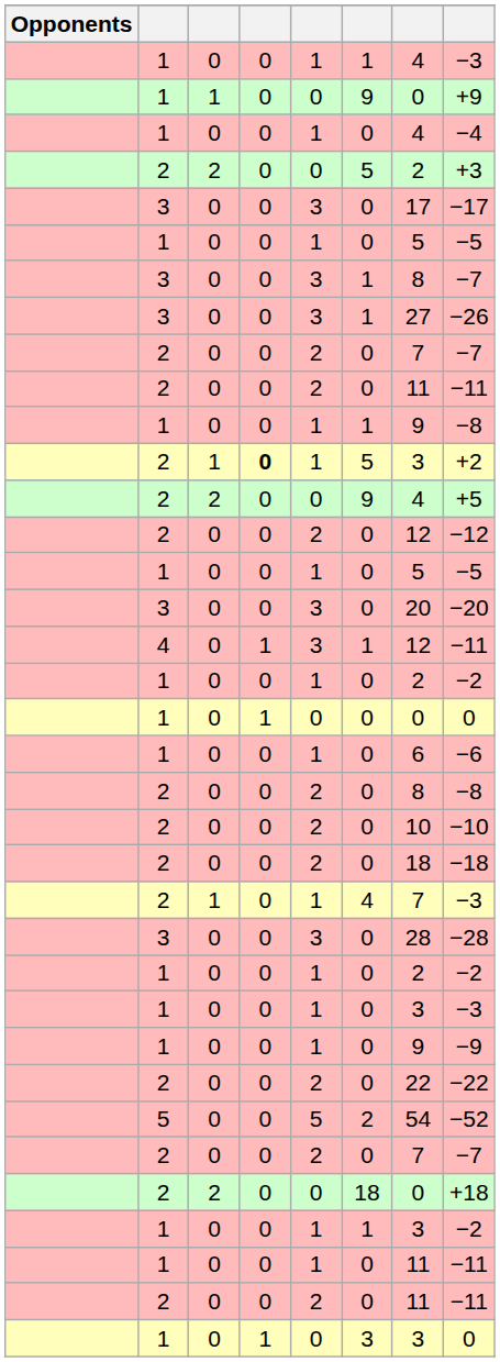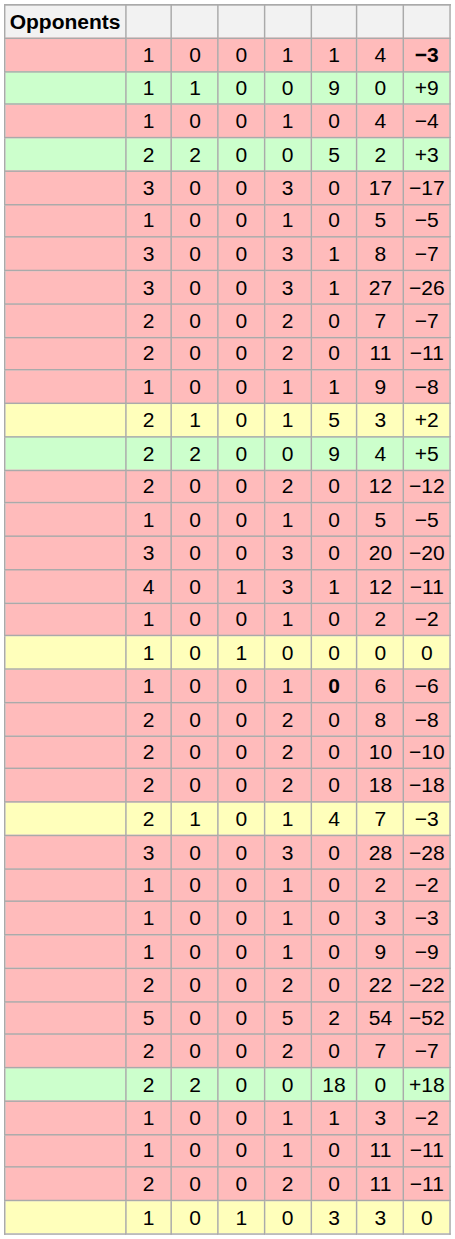 <table class="wikitable sortable collapsed" style="text-align: center; font-size: 90%;">
 <tr>
 </tr>
 <tr>
 <th>Opponents</th>
 <th width=25></th>
 <th width=25></th>
 <th width=25></th>
 <th width=25></th>
 <th width=25></th>
 <th width=25></th>
 <th width=25></th>
 </tr>
 <tr bgcolor="#FFBBBB">
 <td align="left"></td>
 <td>1</td>
 <td>0</td>
 <td>0</td>
 <td>1</td>
 <td>1</td>
 <td>4</td>
-<td>−3</td>
+<td><strong>−3</strong></td>
 </tr>
 <tr bgcolor="#CCFFCC">
 <td align="left"></td>
 <td>1</td>
 <td>1</td>
 <td>0</td>
 <td>0</td>
 <td>9</td>
 <td>0</td>
 <td>+9</td>
 </tr>
 <tr bgcolor="#FFBBBB">
 <td align="left"></td>
 <td>1</td>
 <td>0</td>
 <td>0</td>
 <td>1</td>
 <td>0</td>
 <td>4</td>
 <td>−4</td>
 </tr>
 <tr bgcolor="#CCFFCC">
 <td align="left"></td>
 <td>2</td>
 <td>2</td>
 <td>0</td>
 <td>0</td>
 <td>5</td>
 <td>2</td>
 <td>+3</td>
 </tr>
 <tr bgcolor="#FFBBBB">
 <td align="left"></td>
 <td>3</td>
 <td>0</td>
 <td>0</td>
 <td>3</td>
 <td>0</td>
 <td>17</td>
 <td>−17</td>
 </tr>
 <tr bgcolor="#FFBBBB">
 <td align="left"></td>
 <td>1</td>
 <td>0</td>
 <td>0</td>
 <td>1</td>
 <td>0</td>
 <td>5</td>
 <td>−5</td>
 </tr>
 <tr bgcolor="#FFBBBB">
 <td align="left"></td>
 <td>3</td>
 <td>0</td>
 <td>0</td>
 <td>3</td>
 <td>1</td>
 <td>8</td>
 <td>−7</td>
 </tr>
 <tr bgcolor="#FFBBBB">
 <td align="left"></td>
 <td>3</td>
 <td>0</td>
 <td>0</td>
 <td>3</td>
 <td>1</td>
 <td>27</td>
 <td>−26</td>
 </tr>
 <tr bgcolor="#FFBBBB">
 <td align="left"></td>
 <td>2</td>
 <td>0</td>
 <td>0</td>
 <td>2</td>
 <td>0</td>
 <td>7</td>
 <td>−7</td>
 </tr>
 <tr bgcolor="#FFBBBB">
 <td align="left"></td>
 <td>2</td>
 <td>0</td>
 <td>0</td>
 <td>2</td>
 <td>0</td>
 <td>11</td>
 <td>−11</td>
 </tr>
 <tr bgcolor="#FFBBBB">
 <td align="left"></td>
 <td>1</td>
 <td>0</td>
 <td>0</td>
 <td>1</td>
 <td>1</td>
 <td>9</td>
 <td>−8</td>
 </tr>
 <tr bgcolor="#FFFFBB">
 <td align="left"></td>
 <td>2</td>
 <td>1</td>
-<td><strong>0</strong></td>
+<td>0</td>
 <td>1</td>
 <td>5</td>
 <td>3</td>
 <td>+2</td>
 </tr>
 <tr bgcolor="#CCFFCC">
 <td align="left"></td>
 <td>2</td>
 <td>2</td>
 <td>0</td>
 <td>0</td>
 <td>9</td>
 <td>4</td>
 <td>+5</td>
 </tr>
 <tr bgcolor="#FFBBBB">
 <td align="left"></td>
 <td>2</td>
 <td>0</td>
 <td>0</td>
 <td>2</td>
 <td>0</td>
 <td>12</td>
 <td>−12</td>
 </tr>
 <tr bgcolor="#FFBBBB">
 <td align="left"></td>
 <td>1</td>
 <td>0</td>
 <td>0</td>
 <td>1</td>
 <td>0</td>
 <td>5</td>
 <td>−5</td>
 </tr>
 <tr bgcolor="#FFBBBB">
 <td align="left"></td>
 <td>3</td>
 <td>0</td>
 <td>0</td>
 <td>3</td>
 <td>0</td>
 <td>20</td>
 <td>−20</td>
 </tr>
 <tr bgcolor="#FFBBBB">
 <td align="left"></td>
 <td>4</td>
 <td>0</td>
 <td>1</td>
 <td>3</td>
 <td>1</td>
 <td>12</td>
 <td>−11</td>
 </tr>
 <tr bgcolor="#FFBBBB">
 <td align="left"></td>
 <td>1</td>
 <td>0</td>
 <td>0</td>
 <td>1</td>
 <td>0</td>
 <td>2</td>
 <td>−2</td>
 </tr>
 <tr bgcolor="#FFFFBB">
 <td align="left"></td>
 <td>1</td>
 <td>0</td>
 <td>1</td>
 <td>0</td>
 <td>0</td>
 <td>0</td>
 <td>0</td>
 </tr>
 <tr bgcolor="#FFBBBB">
 <td align="left"></td>
 <td>1</td>
 <td>0</td>
 <td>0</td>
 <td>1</td>
-<td>0</td>
+<td><strong>0</strong></td>
 <td>6</td>
 <td>−6</td>
 </tr>
 <tr bgcolor="#FFBBBB">
 <td align="left"></td>
 <td>2</td>
 <td>0</td>
 <td>0</td>
 <td>2</td>
 <td>0</td>
 <td>8</td>
 <td>−8</td>
 </tr>
 <tr bgcolor="#FFBBBB">
 <td align="left"></td>
 <td>2</td>
 <td>0</td>
 <td>0</td>
 <td>2</td>
 <td>0</td>
 <td>10</td>
 <td>−10</td>
 </tr>
 <tr bgcolor="#FFBBBB">
 <td align="left"></td>
 <td>2</td>
 <td>0</td>
 <td>0</td>
 <td>2</td>
 <td>0</td>
 <td>18</td>
 <td>−18</td>
 </tr>
 <tr bgcolor="#FFFFBB">
 <td align="left"></td>
 <td>2</td>
 <td>1</td>
 <td>0</td>
 <td>1</td>
 <td>4</td>
 <td>7</td>
 <td>−3</td>
 </tr>
 <tr bgcolor="#FFBBBB">
 <td align="left"></td>
 <td>3</td>
 <td>0</td>
 <td>0</td>
 <td>3</td>
 <td>0</td>
 <td>28</td>
 <td>−28</td>
 </tr>
 <tr bgcolor="#FFBBBB">
 <td align="left"></td>
 <td>1</td>
 <td>0</td>
 <td>0</td>
 <td>1</td>
 <td>0</td>
 <td>2</td>
 <td>−2</td>
 </tr>
 <tr bgcolor="#FFBBBB">
 <td align="left"></td>
 <td>1</td>
 <td>0</td>
 <td>0</td>
 <td>1</td>
 <td>0</td>
 <td>3</td>
 <td>−3</td>
 </tr>
 <tr bgcolor="#FFBBBB">
 <td align="left"></td>
 <td>1</td>
 <td>0</td>
 <td>0</td>
 <td>1</td>
 <td>0</td>
 <td>9</td>
 <td>−9</td>
 </tr>
 <tr bgcolor="#FFBBBB">
 <td align="left"></td>
 <td>2</td>
 <td>0</td>
 <td>0</td>
 <td>2</td>
 <td>0</td>
 <td>22</td>
 <td>−22</td>
 </tr>
 <tr bgcolor="#FFBBBB">
 <td align="left"></td>
 <td>5</td>
 <td>0</td>
 <td>0</td>
 <td>5</td>
 <td>2</td>
 <td>54</td>
 <td>−52</td>
 </tr>
 <tr bgcolor="#FFBBBB">
 <td align="left"></td>
 <td>2</td>
 <td>0</td>
 <td>0</td>
 <td>2</td>
 <td>0</td>
 <td>7</td>
 <td>−7</td>
 </tr>
 <tr bgcolor="#CCFFCC">
 <td align="left"></td>
 <td>2</td>
 <td>2</td>
 <td>0</td>
 <td>0</td>
 <td>18</td>
 <td>0</td>
 <td>+18</td>
 </tr>
 <tr bgcolor="#FFBBBB">
 <td align="left"></td>
 <td>1</td>
 <td>0</td>
 <td>0</td>
 <td>1</td>
 <td>1</td>
 <td>3</td>
 <td>−2</td>
 </tr>
 <tr bgcolor="#FFBBBB">
 <td align="left"></td>
 <td>1</td>
 <td>0</td>
 <td>0</td>
 <td>1</td>
 <td>0</td>
 <td>11</td>
 <td>−11</td>
 </tr>
 <tr bgcolor="#FFBBBB">
 <td align="left"></td>
 <td>2</td>
 <td>0</td>
 <td>0</td>
 <td>2</td>
 <td>0</td>
 <td>11</td>
 <td>−11</td>
 </tr>
 <tr bgcolor="#FFFFBB">
 <td align="left"></td>
 <td>1</td>
 <td>0</td>
 <td>1</td>
 <td>0</td>
 <td>3</td>
 <td>3</td>
 <td>0</td>
 </tr>
 </table>
